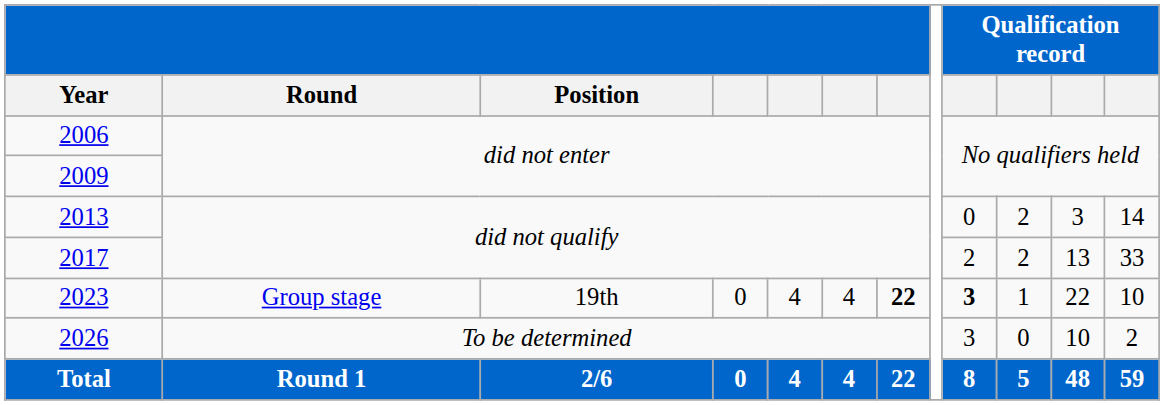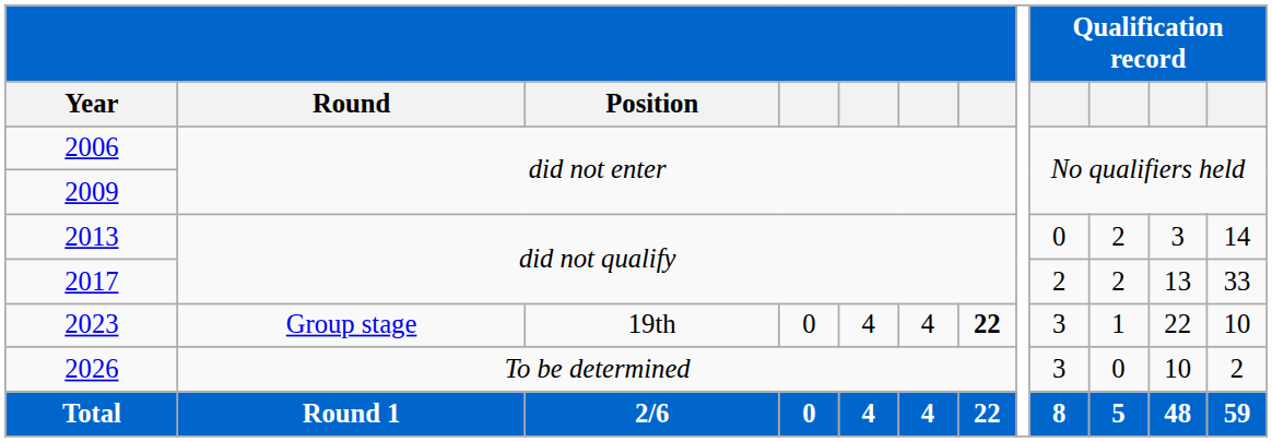 <table class="wikitable" style="font-size:90%; text-align:center;">
 <tr>
 <th style="background:#06C;" colspan="7"><a href='#'></a></th>
 <th style="background:white; width:1%;" rowspan="9"></th>
 <th style="background:#06C; color:#FFFFFF;" colspan="5">Qualification record</th>
 </tr>
 <tr>
 <th>Year</th>
 <th>Round</th>
 <th>Position</th>
 <th width=25></th>
 <th width=25></th>
 <th width=25></th>
 <th width=25></th>
 <th width=25></th>
 <th width=25></th>
 <th width=25></th>
 <th width=25></th>
 </tr>
 <tr>
 <td><a href='#'>2006</a></td>
 <td colspan=6 rowspan=2><em>did not enter</em></td>
 <td colspan=4 rowspan=2><em>No qualifiers held</em></td>
 </tr>
 <tr>
 <td><a href='#'>2009</a></td>
 </tr>
 <tr>
 <td><a href='#'>2013</a></td>
 <td colspan=6 align=center rowspan=2><em>did not qualify</em></td>
 <td>0</td>
 <td>2</td>
 <td>3</td>
 <td>14</td>
 </tr>
 <tr>
 <td><a href='#'>2017</a></td>
 <td>2</td>
 <td>2</td>
 <td>13</td>
 <td>33</td>
 </tr>
 <tr>
 <td> <a href='#'>2023</a></td>
 <td><a href='#'>Group stage</a></td>
 <td>19th</td>
 <td>0</td>
 <td>4</td>
 <td>4</td>
 <td><strong>22</strong></td>
-<td><strong>3</strong></td>
+<td>3</td>
 <td>1</td>
 <td>22</td>
 <td>10</td>
 </tr>
 <tr>
 <td> <a href='#'>2026</a></td>
 <td colspan=6><em>To be determined</em></td>
 <td>3</td>
 <td>0</td>
 <td>10</td>
 <td>2</td>
 </tr>
 <tr>
 <th style="color:white; background:#06C;"><strong>Total</strong></th>
 <th style="color:white; background:#06C;"><strong>Round 1</strong></th>
 <th style="color:white; background:#06C;"><strong>2/6</strong></th>
 <th style="color:white; background:#06C;"><strong>0</strong></th>
 <th style="color:white; background:#06C;"><strong>4</strong></th>
 <th style="color:white; background:#06C;"><strong>4</strong></th>
 <th style="color:white; background:#06C;"><strong>22</strong></th>
 <th style="color:white; background:#06C;"><strong>8</strong></th>
 <th style="color:white; background:#06C;"><strong>5</strong></th>
 <th style="color:white; background:#06C;"><strong>48</strong></th>
 <th style="color:white; background:#06C;"><strong>59</strong></th>
 </tr>
 </table>
